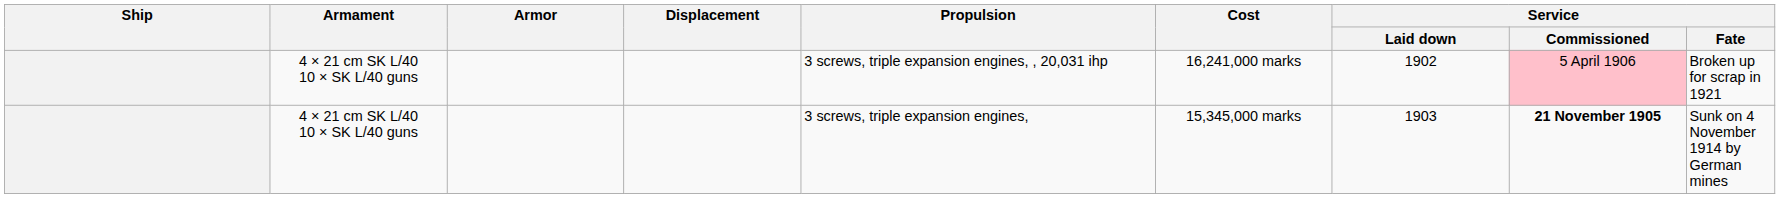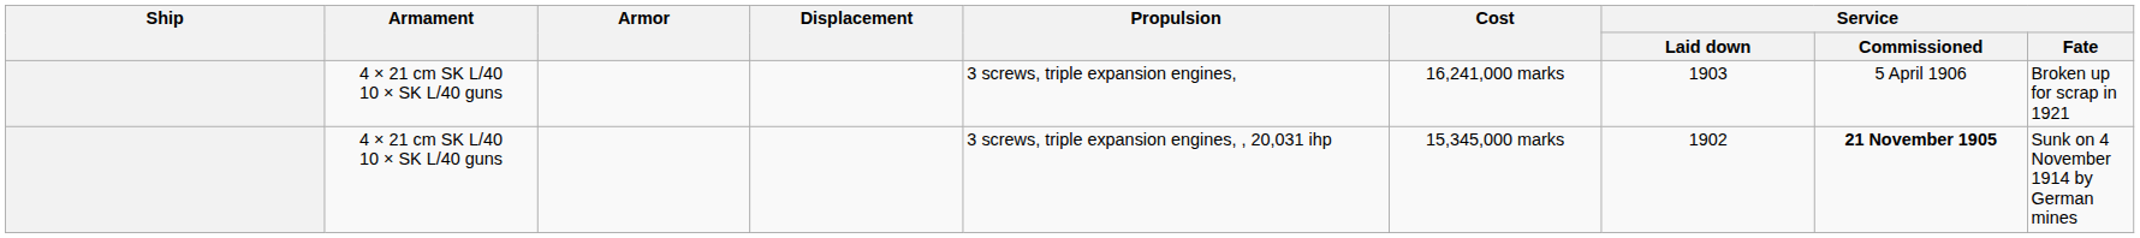 <table class="wikitable plainrowheaders" style="text-align: center;">
 <tr valign="top">
 <th scope="col" width="15%" rowspan="2">Ship</th>
 <th scope="col" width="10%" rowspan="2">Armament</th>
 <th scope="col" width="10%" rowspan="2">Armor</th>
 <th scope="col" width="10%" rowspan="2">Displacement</th>
 <th scope="col" width="20%" rowspan="2">Propulsion</th>
 <th scope="col" width="10%" rowspan="2">Cost</th>
 <th scope="col" width="40%" colspan="3">Service</th>
 </tr>
 <tr valign="top">
 <th scope="col" width="10%">Laid down</th>
 <th scope="col" width="10%">Commissioned</th>
 <th scope="col" width="20%">Fate</th>
 </tr>
 <tr valign="top">
 <th scope="row"></th>
 <td>4 × 21 cm SK L/40 <br> 10 ×  SK L/40 guns</td>
 <td></td>
 <td></td>
-<td style="text-align: left;">3 screws, triple expansion engines, , 20,031 ihp</td>
+<td style="text-align: left;">3 screws, triple expansion engines, </td>
 <td>16,241,000 marks</td>
-<td>1902</td>
-<td style="background: pink;">5 April 1906</td>
+<td>1903</td>
+<td>5 April 1906</td>
 <td style="text-align: left;">Broken up for scrap in 1921</td>
 </tr>
 <tr valign="top">
 <th scope="row"></th>
 <td>4 × 21 cm SK L/40 <br> 10 ×  SK L/40 guns</td>
 <td></td>
 <td></td>
-<td style="text-align: left;">3 screws, triple expansion engines, </td>
+<td style="text-align: left;">3 screws, triple expansion engines, , 20,031 ihp</td>
 <td>15,345,000 marks</td>
-<td>1903</td>
+<td>1902</td>
 <td><strong>21 November 1905</strong></td>
 <td style="text-align: left;">Sunk on 4 November 1914 by German mines</td>
 </tr>
 </table>
